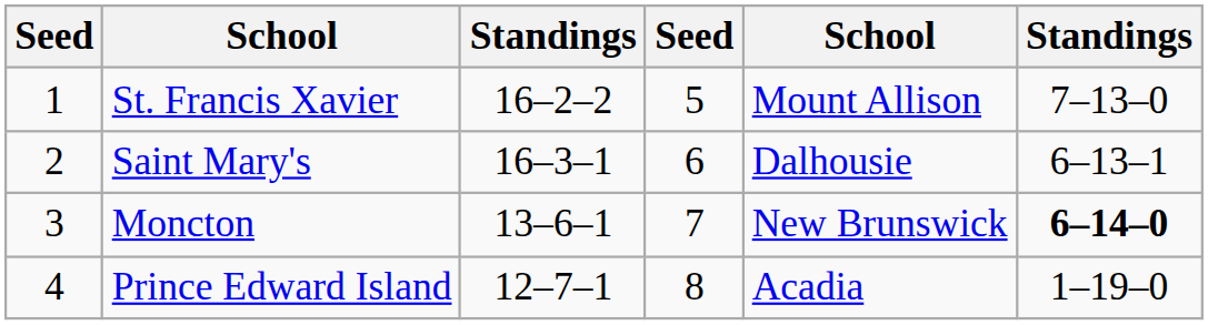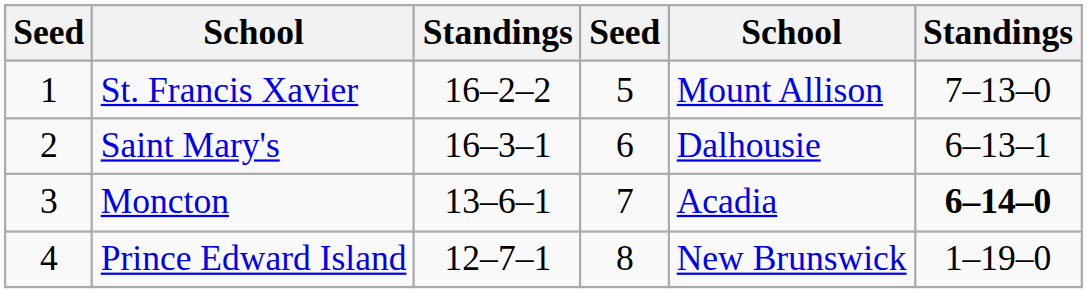 <table class="wikitable">
 <tr>
 <th>Seed</th>
 <th>School</th>
 <th>Standings</th>
 <th>Seed</th>
 <th>School</th>
 <th>Standings</th>
 </tr>
 <tr>
 <td align=center>1</td>
 <td><a href='#'>St. Francis Xavier</a></td>
 <td align=center>16–2–2</td>
 <td align=center>5</td>
 <td><a href='#'>Mount Allison</a></td>
 <td align=center>7–13–0</td>
 </tr>
 <tr>
 <td align=center>2</td>
 <td><a href='#'>Saint Mary's</a></td>
 <td align=center>16–3–1</td>
 <td align=center>6</td>
 <td><a href='#'>Dalhousie</a></td>
 <td align=center>6–13–1</td>
 </tr>
 <tr>
 <td align=center>3</td>
 <td><a href='#'>Moncton</a></td>
 <td align=center>13–6–1</td>
 <td align=center>7</td>
-<td><a href='#'>New Brunswick</a></td>
+<td><a href='#'>Acadia</a></td>
 <td align=center><strong>6–14–0</strong></td>
 </tr>
 <tr>
 <td align=center>4</td>
 <td><a href='#'>Prince Edward Island</a></td>
 <td align=center>12–7–1</td>
 <td align=center>8</td>
-<td><a href='#'>Acadia</a></td>
+<td><a href='#'>New Brunswick</a></td>
 <td align=center>1–19–0</td>
 </tr>
 </table>
